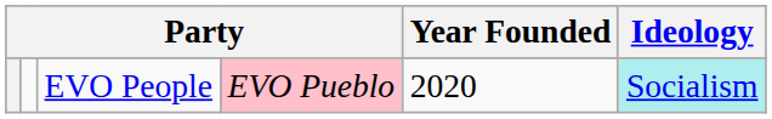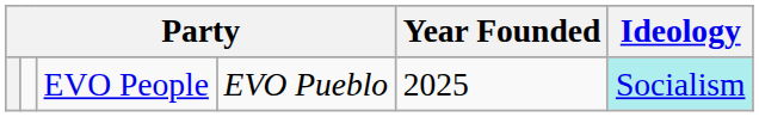 <table class="wikitable">
 <tr>
 <th colspan="4">Party</th>
 <th>Year Founded</th>
 <th><a href='#'>Ideology</a></th>
 </tr>
 <tr>
 <th style="background-color:"></th>
 <td></td>
 <td><a href='#'>EVO People</a></td>
-<td style="background: pink;"><em>EVO Pueblo</em></td>
-<td>2020</td>
+<td><em>EVO Pueblo</em></td>
+<td>2025</td>
 <td style="background: paleturquoise;"><a href='#'>Socialism</a></td>
 </tr>
 </table>
